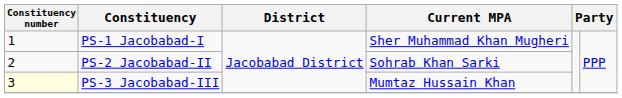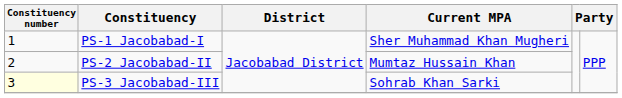 <table class="wikitable">
 <tr>
 <th width="50px" style="font-size:75%">Constituency number</th>
 <th>Constituency</th>
 <th>District</th>
 <th>Current MPA</th>
 <th colspan="2">Party</th>
 </tr>
 <tr>
 <td>1</td>
 <td><a href='#'>PS-1 Jacobabad-I</a></td>
 <td rowspan="3"><a href='#'>Jacobabad District</a></td>
 <td><a href='#'>Sher Muhammad Khan Mugheri</a></td>
 <td rowspan="3"></td>
 <td rowspan="3"><a href='#'>PPP</a></td>
 </tr>
 <tr>
 <td>2</td>
 <td><a href='#'>PS-2 Jacobabad-II</a></td>
-<td><a href='#'>Sohrab Khan Sarki</a></td>
+<td><a href='#'>Mumtaz Hussain Khan</a></td>
 </tr>
 <tr>
 <td style="background: lightyellow;">3</td>
 <td><a href='#'>PS-3 Jacobabad-III</a></td>
-<td><a href='#'>Mumtaz Hussain Khan</a></td>
+<td><a href='#'>Sohrab Khan Sarki</a></td>
 </tr>
 <tr>
 </tr>
 </table>
